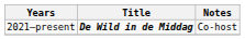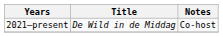 <table class="wikitable">
 <tr>
 <th>Years</th>
 <th>Title</th>
 <th>Notes</th>
 </tr>
 <tr>
 <td>2021–present</td>
-<td><strong><em>De Wild in de Middag</em></strong></td>
+<td><em>De Wild in de Middag</em></td>
 <td>Co-host</td>
 </tr>
 <tr>
 </tr>
 </table>
